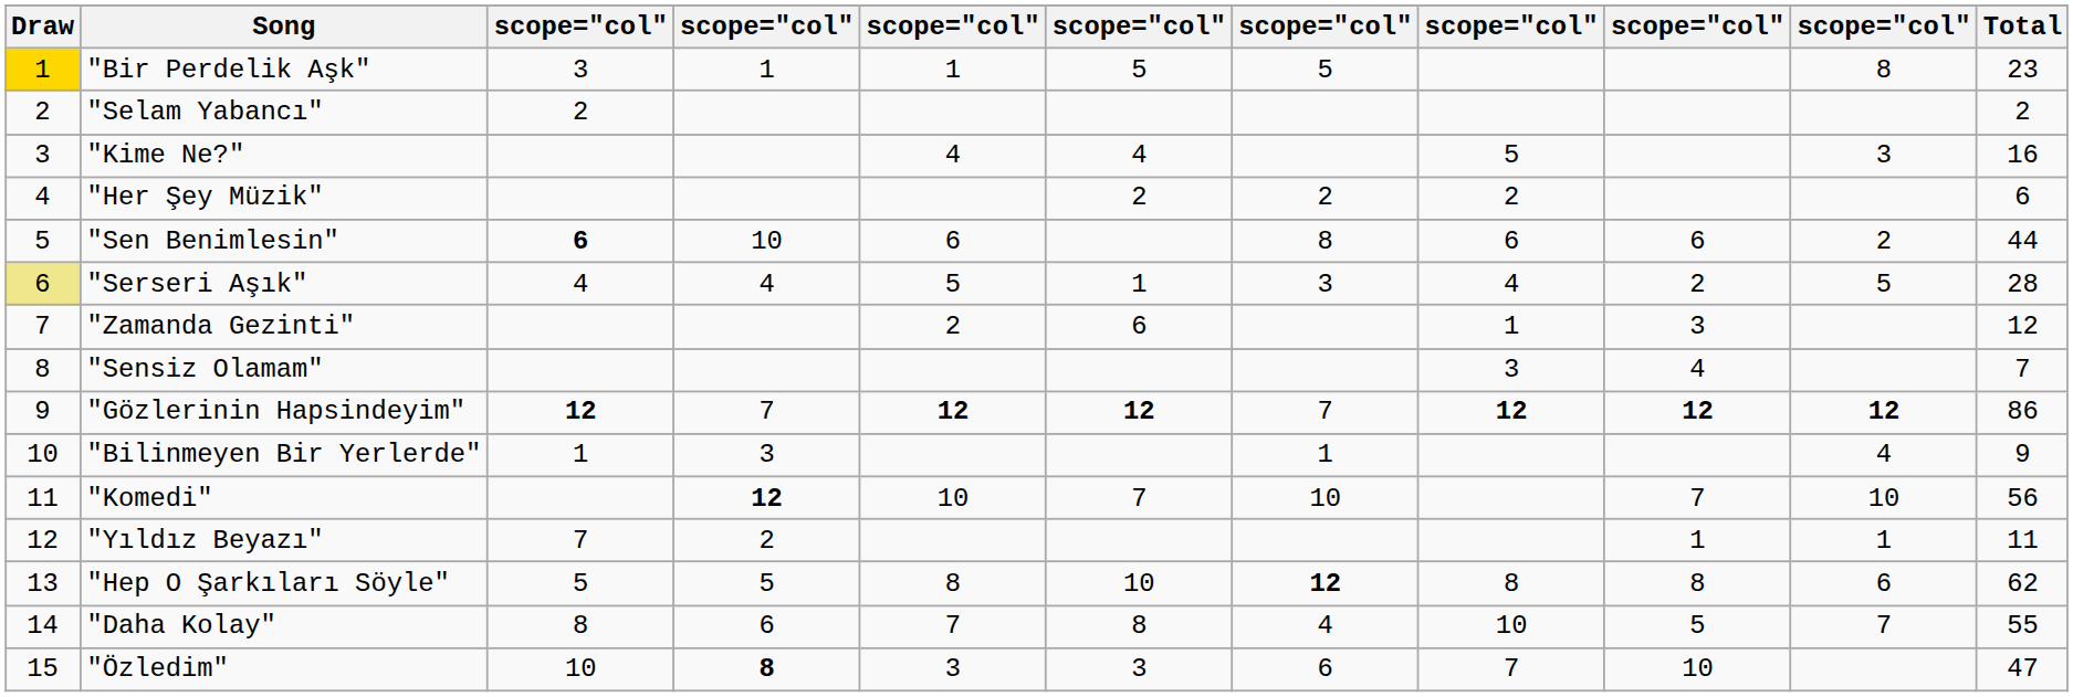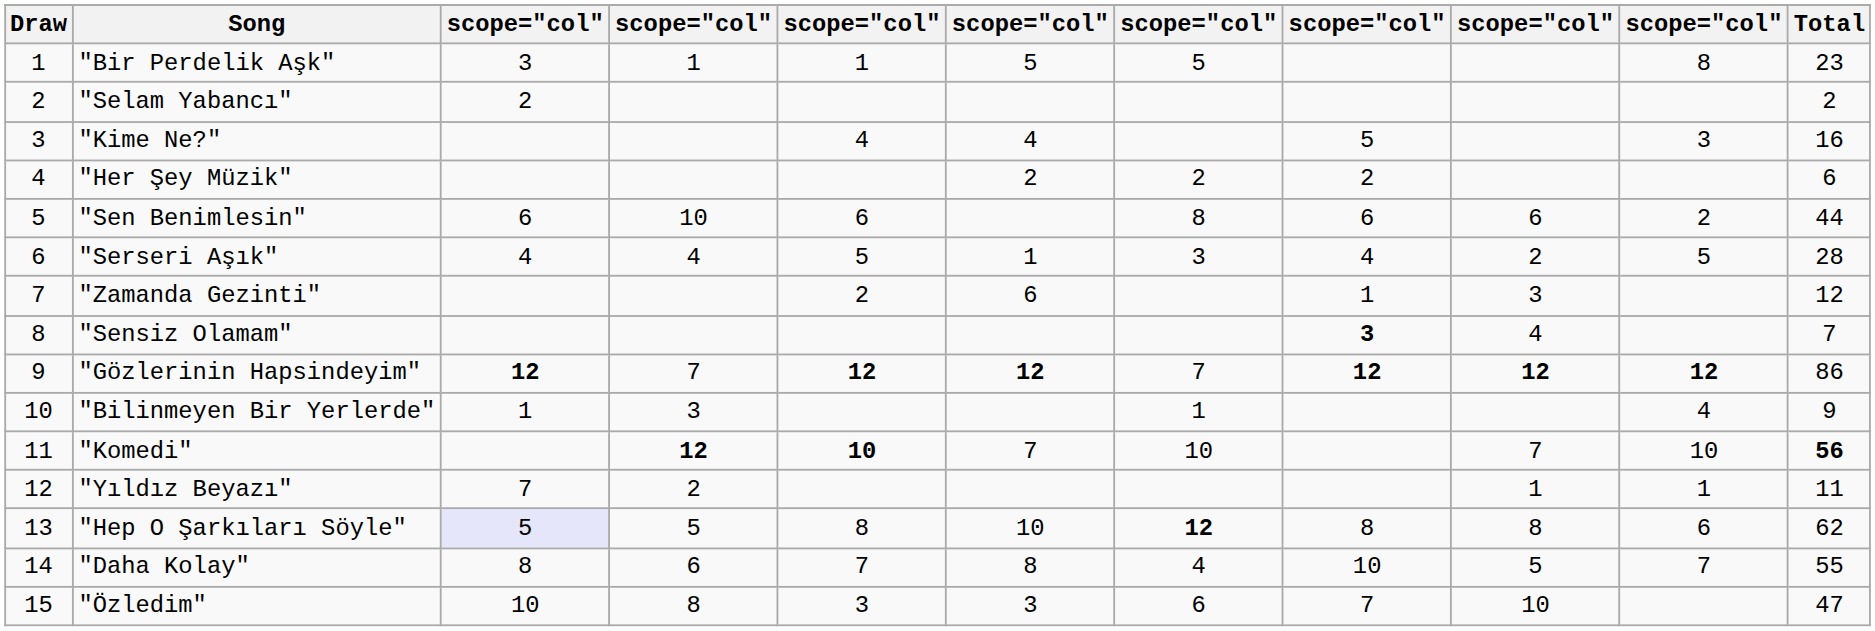 <table class="wikitable plainrowheaders" style="margin: 1em auto 1em auto; text-align:center;">
 <tr>
 </tr>
 <tr>
 <th scope="col">Draw</th>
 <th scope="col">Song</th>
 <th>scope="col" </th>
 <th>scope="col" </th>
 <th>scope="col" </th>
 <th>scope="col" </th>
 <th>scope="col" </th>
 <th>scope="col" </th>
 <th>scope="col" </th>
 <th>scope="col" </th>
 <th scope="col">Total</th>
 </tr>
 <tr --->
-<td style="background: gold;">1</td>
+<td>1</td>
 <td align="left">"Bir Perdelik Aşk"</td>
 <td>3</td>
 <td>1</td>
 <td>1</td>
 <td>5</td>
 <td>5</td>
 <td></td>
 <td></td>
 <td>8</td>
 <td>23</td>
 </tr>
 <tr --->
 <td>2</td>
 <td align="left">"Selam Yabancı"</td>
 <td>2</td>
 <td></td>
 <td></td>
 <td></td>
 <td></td>
 <td></td>
 <td></td>
 <td></td>
 <td>2</td>
 </tr>
 <tr --->
 <td>3</td>
 <td align="left">"Kime Ne?"</td>
 <td></td>
 <td></td>
 <td>4</td>
 <td>4</td>
 <td></td>
 <td>5</td>
 <td></td>
 <td>3</td>
 <td>16</td>
 </tr>
 <tr --->
 <td>4</td>
 <td align="left">"Her Şey Müzik"</td>
 <td></td>
 <td></td>
 <td></td>
 <td>2</td>
 <td>2</td>
 <td>2</td>
 <td></td>
 <td></td>
 <td>6</td>
 </tr>
 <tr --->
 <td>5</td>
 <td align="left">"Sen Benimlesin"</td>
-<td><strong>6</strong></td>
+<td>6</td>
 <td>10</td>
 <td>6</td>
 <td></td>
 <td>8</td>
 <td>6</td>
 <td>6</td>
 <td>2</td>
 <td>44</td>
 </tr>
 <tr --->
-<td style="background: khaki;">6</td>
+<td>6</td>
 <td align="left">"Serseri Aşık"</td>
 <td>4</td>
 <td>4</td>
 <td>5</td>
 <td>1</td>
 <td>3</td>
 <td>4</td>
 <td>2</td>
 <td>5</td>
 <td>28</td>
 </tr>
 <tr --->
 <td>7</td>
 <td align="left">"Zamanda Gezinti"</td>
 <td></td>
 <td></td>
 <td>2</td>
 <td>6</td>
 <td></td>
 <td>1</td>
 <td>3</td>
 <td></td>
 <td>12</td>
 </tr>
 <tr --->
 <td>8</td>
 <td align="left">"Sensiz Olamam"</td>
 <td></td>
 <td></td>
 <td></td>
 <td></td>
 <td></td>
-<td>3</td>
+<td><strong>3</strong></td>
 <td>4</td>
 <td></td>
 <td>7</td>
 </tr>
 <tr --->
 <td>9</td>
 <td align="left">"Gözlerinin Hapsindeyim"</td>
 <td><strong>12</strong></td>
 <td>7</td>
 <td><strong>12</strong></td>
 <td><strong>12</strong></td>
 <td>7</td>
 <td><strong>12</strong></td>
 <td><strong>12</strong></td>
 <td><strong>12</strong></td>
 <td>86</td>
 </tr>
 <tr --->
 <td>10</td>
 <td align="left">"Bilinmeyen Bir Yerlerde"</td>
 <td>1</td>
 <td>3</td>
 <td></td>
 <td></td>
 <td>1</td>
 <td></td>
 <td></td>
 <td>4</td>
 <td>9</td>
 </tr>
 <tr --->
 <td>11</td>
 <td align="left">"Komedi"</td>
 <td></td>
 <td><strong>12</strong></td>
-<td>10</td>
+<td><strong>10</strong></td>
 <td>7</td>
 <td>10</td>
 <td></td>
 <td>7</td>
 <td>10</td>
-<td>56</td>
+<td><strong>56</strong></td>
 </tr>
 <tr --->
 <td>12</td>
 <td align="left">"Yıldız Beyazı"</td>
 <td>7</td>
 <td>2</td>
 <td></td>
 <td></td>
 <td></td>
 <td></td>
 <td>1</td>
 <td>1</td>
 <td>11</td>
 </tr>
 <tr --->
 <td>13</td>
 <td align="left">"Hep O Şarkıları Söyle"</td>
-<td>5</td>
+<td style="background: lavender;">5</td>
 <td>5</td>
 <td>8</td>
 <td>10</td>
 <td><strong>12</strong></td>
 <td>8</td>
 <td>8</td>
 <td>6</td>
 <td>62</td>
 </tr>
 <tr --->
 <td>14</td>
 <td align="left">"Daha Kolay"</td>
 <td>8</td>
 <td>6</td>
 <td>7</td>
 <td>8</td>
 <td>4</td>
 <td>10</td>
 <td>5</td>
 <td>7</td>
 <td>55</td>
 </tr>
 <tr --->
 <td>15</td>
 <td align="left">"Özledim"</td>
 <td>10</td>
-<td><strong>8</strong></td>
+<td>8</td>
 <td>3</td>
 <td>3</td>
 <td>6</td>
 <td>7</td>
 <td>10</td>
 <td></td>
 <td>47</td>
 </tr>
 </table>
